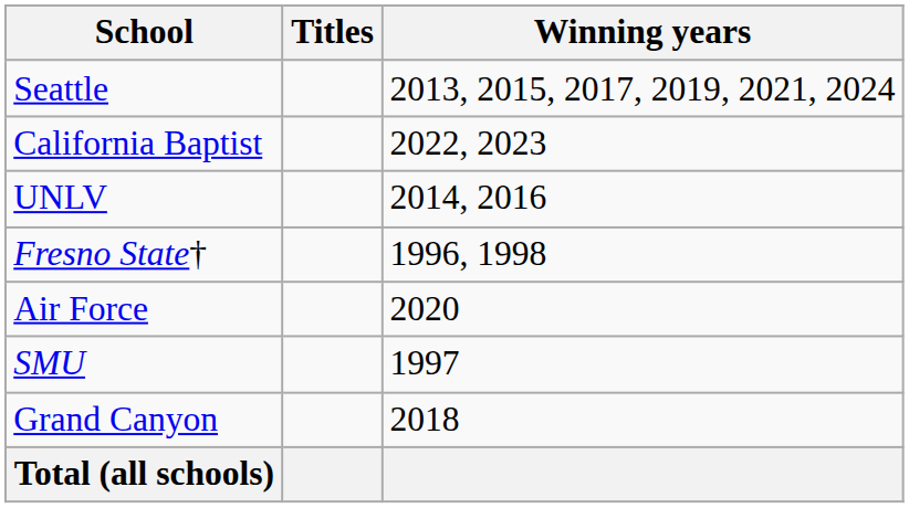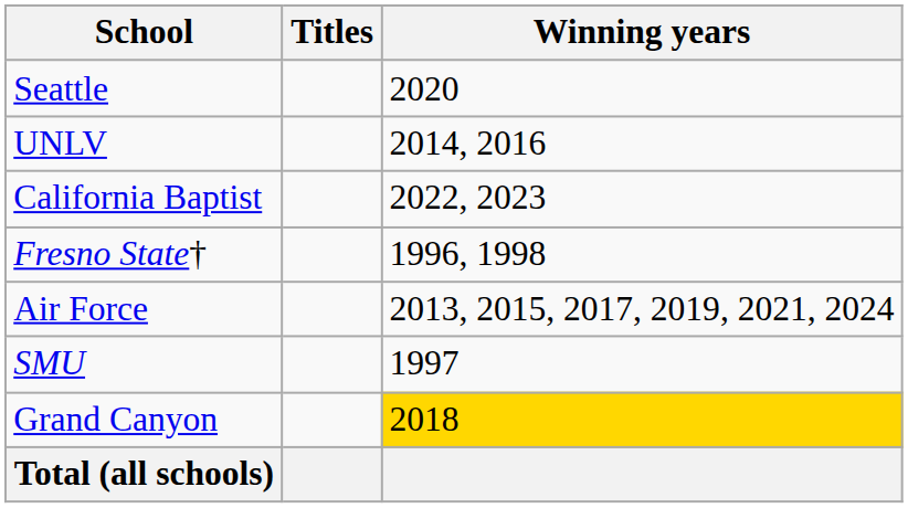 <table class="wikitable">
 <tr>
 <th width=120px>School</th>
 <th width=px>Titles</th>
 <th width=px>Winning years</th>
 </tr>
 <tr>
 <td><a href='#'>Seattle</a></td>
 <td></td>
-<td>2013, 2015, 2017, 2019, 2021, 2024</td>
+<td>2020</td>
+</tr>
+<tr>
+<td><a href='#'>UNLV</a></td>
+<td></td>
+<td>2014, 2016</td>
 </tr>
 <tr>
 <td><a href='#'>California Baptist</a></td>
 <td></td>
 <td>2022, 2023</td>
-</tr>
-<tr>
-<td><a href='#'>UNLV</a></td>
-<td></td>
-<td>2014, 2016</td>
 </tr>
 <tr>
 <td><em><a href='#'>Fresno State</a></em>†</td>
 <td></td>
 <td>1996, 1998</td>
 </tr>
 <tr>
 <td><a href='#'>Air Force</a></td>
 <td></td>
-<td>2020</td>
+<td>2013, 2015, 2017, 2019, 2021, 2024</td>
 </tr>
 <tr>
 <td><em><a href='#'>SMU</a></em></td>
 <td></td>
 <td>1997</td>
 </tr>
 <tr>
 <td><a href='#'>Grand Canyon</a></td>
 <td></td>
-<td>2018</td>
+<td style="background: gold;">2018</td>
 </tr>
 <tr>
 <th>Total (all schools)</th>
 <th></th>
 <th></th>
 </tr>
 </table>
